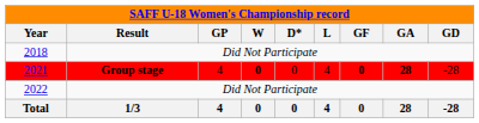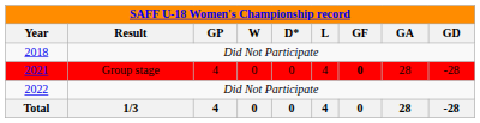 <table class="wikitable" style="text-align: center; width:50%;">
 <tr>
 <th colspan=12 style="background: #FF8C00; color: #0000FF;"><a href='#'>SAFF U-18 Women's Championship record</a></th>
 </tr>
 <tr>
 <th>Year</th>
 <th>Result</th>
 <th>GP</th>
 <th>W</th>
 <th>D*</th>
 <th>L</th>
 <th>GF</th>
 <th>GA</th>
 <th>GD</th>
 </tr>
 <tr>
 <td><a href='#'>2018</a></td>
 <td colspan=10><em>Did Not Participate</em></td>
 </tr>
 <tr bgcolor=Red>
 <td><a href='#'>2021</a></td>
-<td><strong>Group stage</strong></td>
+<td>Group stage</td>
 <td>4</td>
-<td><strong>0</strong></td>
+<td>0</td>
 <td>0</td>
 <td>4</td>
 <td><strong>0</strong></td>
-<td><strong>28</strong></td>
+<td>28</td>
 <td>-28</td>
 </tr>
 <tr>
 <td><a href='#'>2022</a></td>
 <td colspan=10><em>Did Not Participate</em></td>
 </tr>
 <tr>
 <th>Total</th>
 <th>1/3</th>
 <th>4</th>
 <th>0</th>
 <th>0</th>
 <th>4</th>
 <th>0</th>
 <th>28</th>
 <th>-28</th>
 </tr>
 </table>
